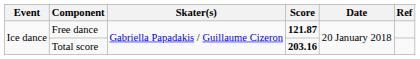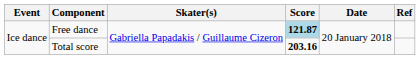 <table class="wikitable sortable">
 <tr>
 <th>Event</th>
 <th>Component</th>
 <th>Skater(s)</th>
 <th>Score</th>
 <th>Date</th>
 <th>Ref</th>
 </tr>
 <tr>
 <td rowspan=2>Ice dance</td>
 <td>Free dance</td>
 <td rowspan=2> <a href='#'>Gabriella Papadakis</a> / <a href='#'>Guillaume Cizeron</a></td>
-<td><strong>121.87</strong></td>
+<td style="background: lightblue;"><strong>121.87</strong></td>
 <td rowspan=2>20 January 2018</td>
 <td></td>
 </tr>
 <tr>
 <td>Total score</td>
 <td><strong>203.16</strong></td>
 <td></td>
 </tr>
 </table>
